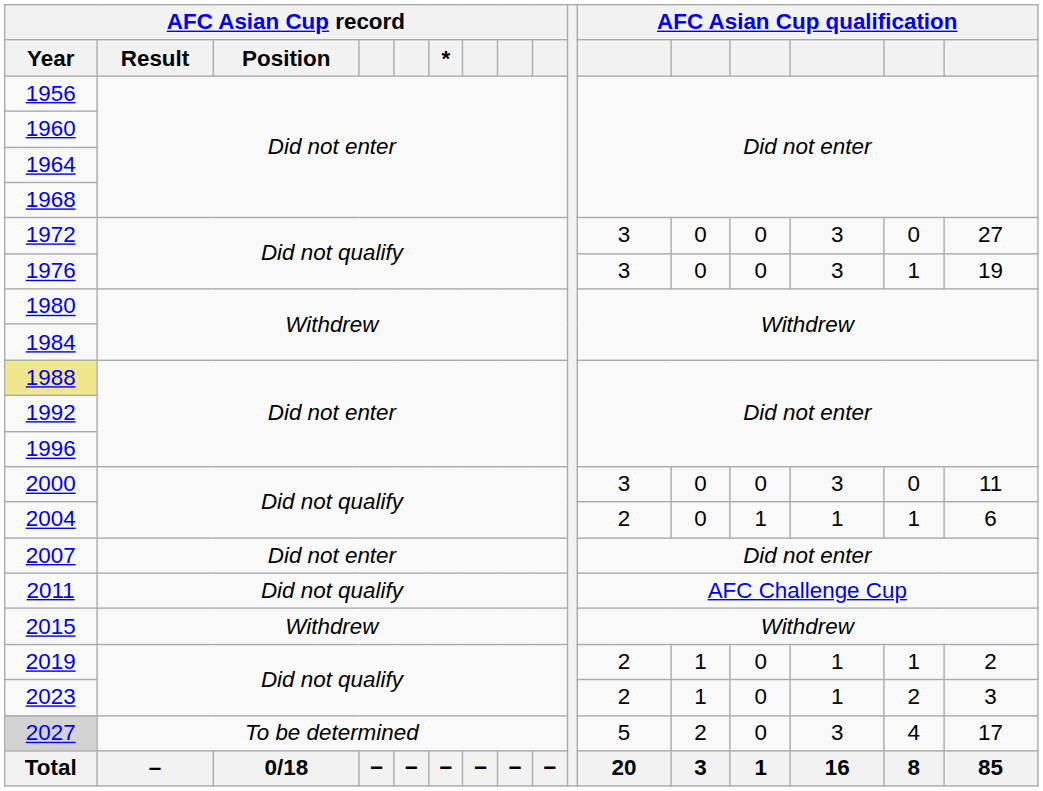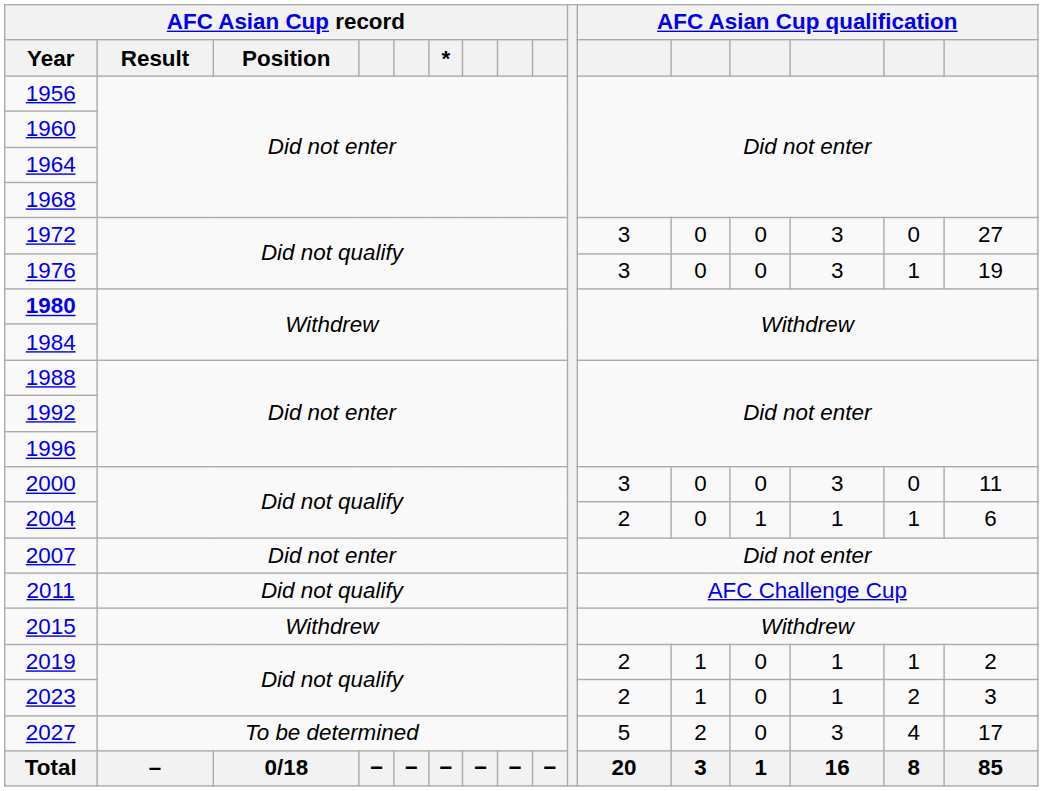 <table class="wikitable" style="text-align: center;">
 <tr>
 <th colspan=9><a href='#'>AFC Asian Cup</a> record</th>
 <th width=1% rowspan=39></th>
 <th colspan=6><a href='#'>AFC Asian Cup qualification</a></th>
 </tr>
 <tr>
 <th>Year</th>
 <th>Result</th>
 <th>Position</th>
 <th></th>
 <th></th>
 <th>*</th>
 <th></th>
 <th></th>
 <th></th>
 <th></th>
 <th></th>
 <th></th>
 <th></th>
 <th></th>
 <th></th>
 </tr>
 <tr>
 <td> <a href='#'>1956</a></td>
 <td colspan=8 rowspan=4><em>Did not enter</em></td>
 <td colspan="6" rowspan="4"><em>Did not enter</em></td>
 </tr>
 <tr>
 <td> <a href='#'>1960</a></td>
 </tr>
 <tr>
 <td> <a href='#'>1964</a></td>
 </tr>
 <tr>
 <td> <a href='#'>1968</a></td>
 </tr>
 <tr>
 <td> <a href='#'>1972</a></td>
 <td colspan=8 rowspan=2><em>Did not qualify</em></td>
 <td>3</td>
 <td>0</td>
 <td>0</td>
 <td>3</td>
 <td>0</td>
 <td>27</td>
 </tr>
 <tr>
 <td> <a href='#'>1976</a></td>
 <td>3</td>
 <td>0</td>
 <td>0</td>
 <td>3</td>
 <td>1</td>
 <td>19</td>
 </tr>
 <tr>
-<td> <a href='#'>1980</a></td>
+<td><strong> <a href='#'>1980</a></strong></td>
 <td colspan=8 rowspan=2><em>Withdrew</em></td>
 <td colspan=6 rowspan=2><em>Withdrew</em></td>
 </tr>
 <tr>
 <td> <a href='#'>1984</a></td>
 </tr>
 <tr>
-<td style="background: khaki;"> <a href='#'>1988</a></td>
+<td> <a href='#'>1988</a></td>
 <td colspan=8 rowspan=3><em>Did not enter</em></td>
 <td colspan=6 rowspan=3><em>Did not enter</em></td>
 </tr>
 <tr>
 <td> <a href='#'>1992</a></td>
 </tr>
 <tr>
 <td> <a href='#'>1996</a></td>
 </tr>
 <tr>
 <td> <a href='#'>2000</a></td>
 <td colspan=8 rowspan=2><em>Did not qualify</em></td>
 <td>3</td>
 <td>0</td>
 <td>0</td>
 <td>3</td>
 <td>0</td>
 <td>11</td>
 </tr>
 <tr>
 <td> <a href='#'>2004</a></td>
 <td>2</td>
 <td>0</td>
 <td>1</td>
 <td>1</td>
 <td>1</td>
 <td>6</td>
 </tr>
 <tr>
 <td>    <a href='#'>2007</a></td>
 <td colspan=8><em>Did not enter</em></td>
 <td colspan=6><em>Did not enter</em></td>
 </tr>
 <tr>
 <td> <a href='#'>2011</a></td>
 <td colspan=8><em>Did not qualify</em></td>
 <td colspan=6><a href='#'>AFC Challenge Cup</a></td>
 </tr>
 <tr>
 <td> <a href='#'>2015</a></td>
 <td colspan=8><em>Withdrew</em></td>
 <td colspan=6><em>Withdrew</em></td>
 </tr>
 <tr>
 <td> <a href='#'>2019</a></td>
 <td colspan=8 rowspan=2><em>Did not qualify</em></td>
 <td>2</td>
 <td>1</td>
 <td>0</td>
 <td>1</td>
 <td>1</td>
 <td>2</td>
 </tr>
 <tr>
 <td> <a href='#'>2023</a></td>
 <td>2</td>
 <td>1</td>
 <td>0</td>
 <td>1</td>
 <td>2</td>
 <td>3</td>
 </tr>
 <tr>
-<td style="background: lightgrey;"> <a href='#'>2027</a></td>
+<td> <a href='#'>2027</a></td>
 <td colspan=8><em>To be determined</em></td>
 <td>5</td>
 <td>2</td>
 <td>0</td>
 <td>3</td>
 <td>4</td>
 <td>17</td>
 </tr>
 <tr>
 <th><strong>Total</strong></th>
 <th>–</th>
 <th>0/18</th>
 <th>−</th>
 <th>−</th>
 <th>−</th>
 <th>−</th>
 <th>−</th>
 <th>−</th>
 <th>20</th>
 <th>3</th>
 <th>1</th>
 <th>16</th>
 <th>8</th>
 <th>85</th>
 </tr>
 </table>
